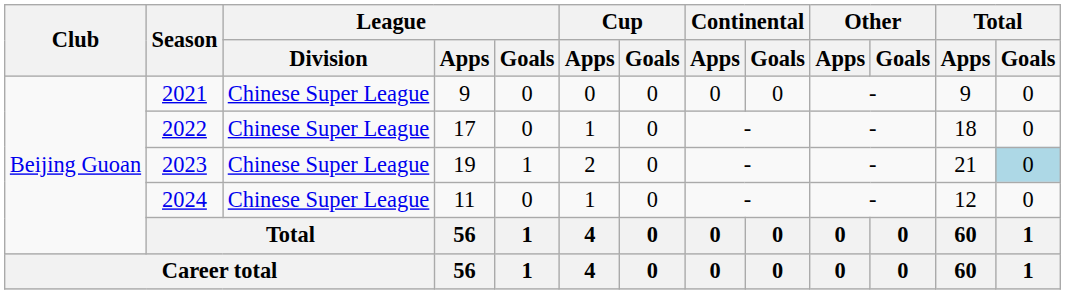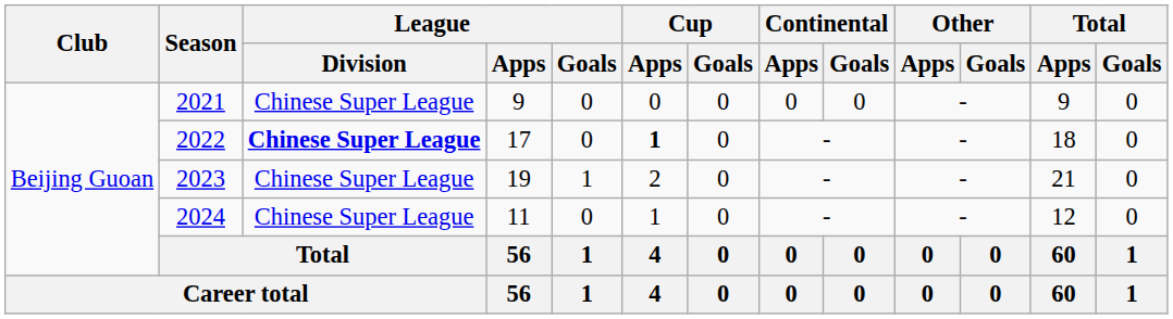 <table class="wikitable" style="text-align: center">
 <tr>
 <th rowspan="2">Club</th>
 <th rowspan="2">Season</th>
 <th colspan="3">League</th>
 <th colspan="2">Cup</th>
 <th colspan="2">Continental</th>
 <th colspan="2">Other</th>
 <th colspan="2">Total</th>
 </tr>
 <tr>
 <th>Division</th>
 <th>Apps</th>
 <th>Goals</th>
 <th>Apps</th>
 <th>Goals</th>
 <th>Apps</th>
 <th>Goals</th>
 <th>Apps</th>
 <th>Goals</th>
 <th>Apps</th>
 <th>Goals</th>
 </tr>
 <tr>
 <td rowspan=5><a href='#'>Beijing Guoan</a></td>
 <td><a href='#'>2021</a></td>
 <td><a href='#'>Chinese Super League</a></td>
 <td>9</td>
 <td>0</td>
 <td>0</td>
 <td>0</td>
 <td>0</td>
 <td>0</td>
 <td colspan="2">-</td>
 <td>9</td>
 <td>0</td>
 </tr>
 <tr>
 <td><a href='#'>2022</a></td>
-<td><a href='#'>Chinese Super League</a></td>
+<td><strong><a href='#'>Chinese Super League</a></strong></td>
 <td>17</td>
 <td>0</td>
-<td>1</td>
+<td><strong>1</strong></td>
 <td>0</td>
 <td colspan="2">-</td>
 <td colspan="2">-</td>
 <td>18</td>
 <td>0</td>
 </tr>
 <tr>
 <td><a href='#'>2023</a></td>
 <td><a href='#'>Chinese Super League</a></td>
 <td>19</td>
 <td>1</td>
 <td>2</td>
 <td>0</td>
 <td colspan="2">-</td>
 <td colspan="2">-</td>
 <td>21</td>
-<td style="background: lightblue;">0</td>
+<td>0</td>
 </tr>
 <tr>
 <td><a href='#'>2024</a></td>
 <td><a href='#'>Chinese Super League</a></td>
 <td>11</td>
 <td>0</td>
 <td>1</td>
 <td>0</td>
 <td colspan="2">-</td>
 <td colspan="2">-</td>
 <td>12</td>
 <td>0</td>
 </tr>
 <tr>
 <th colspan="2"><strong>Total</strong></th>
 <th>56</th>
 <th>1</th>
 <th>4</th>
 <th>0</th>
 <th>0</th>
 <th>0</th>
 <th>0</th>
 <th>0</th>
 <th>60</th>
 <th>1</th>
 </tr>
 <tr>
 <th colspan=3>Career total</th>
 <th>56</th>
 <th>1</th>
 <th>4</th>
 <th>0</th>
 <th>0</th>
 <th>0</th>
 <th>0</th>
 <th>0</th>
 <th>60</th>
 <th>1</th>
 </tr>
 </table>
